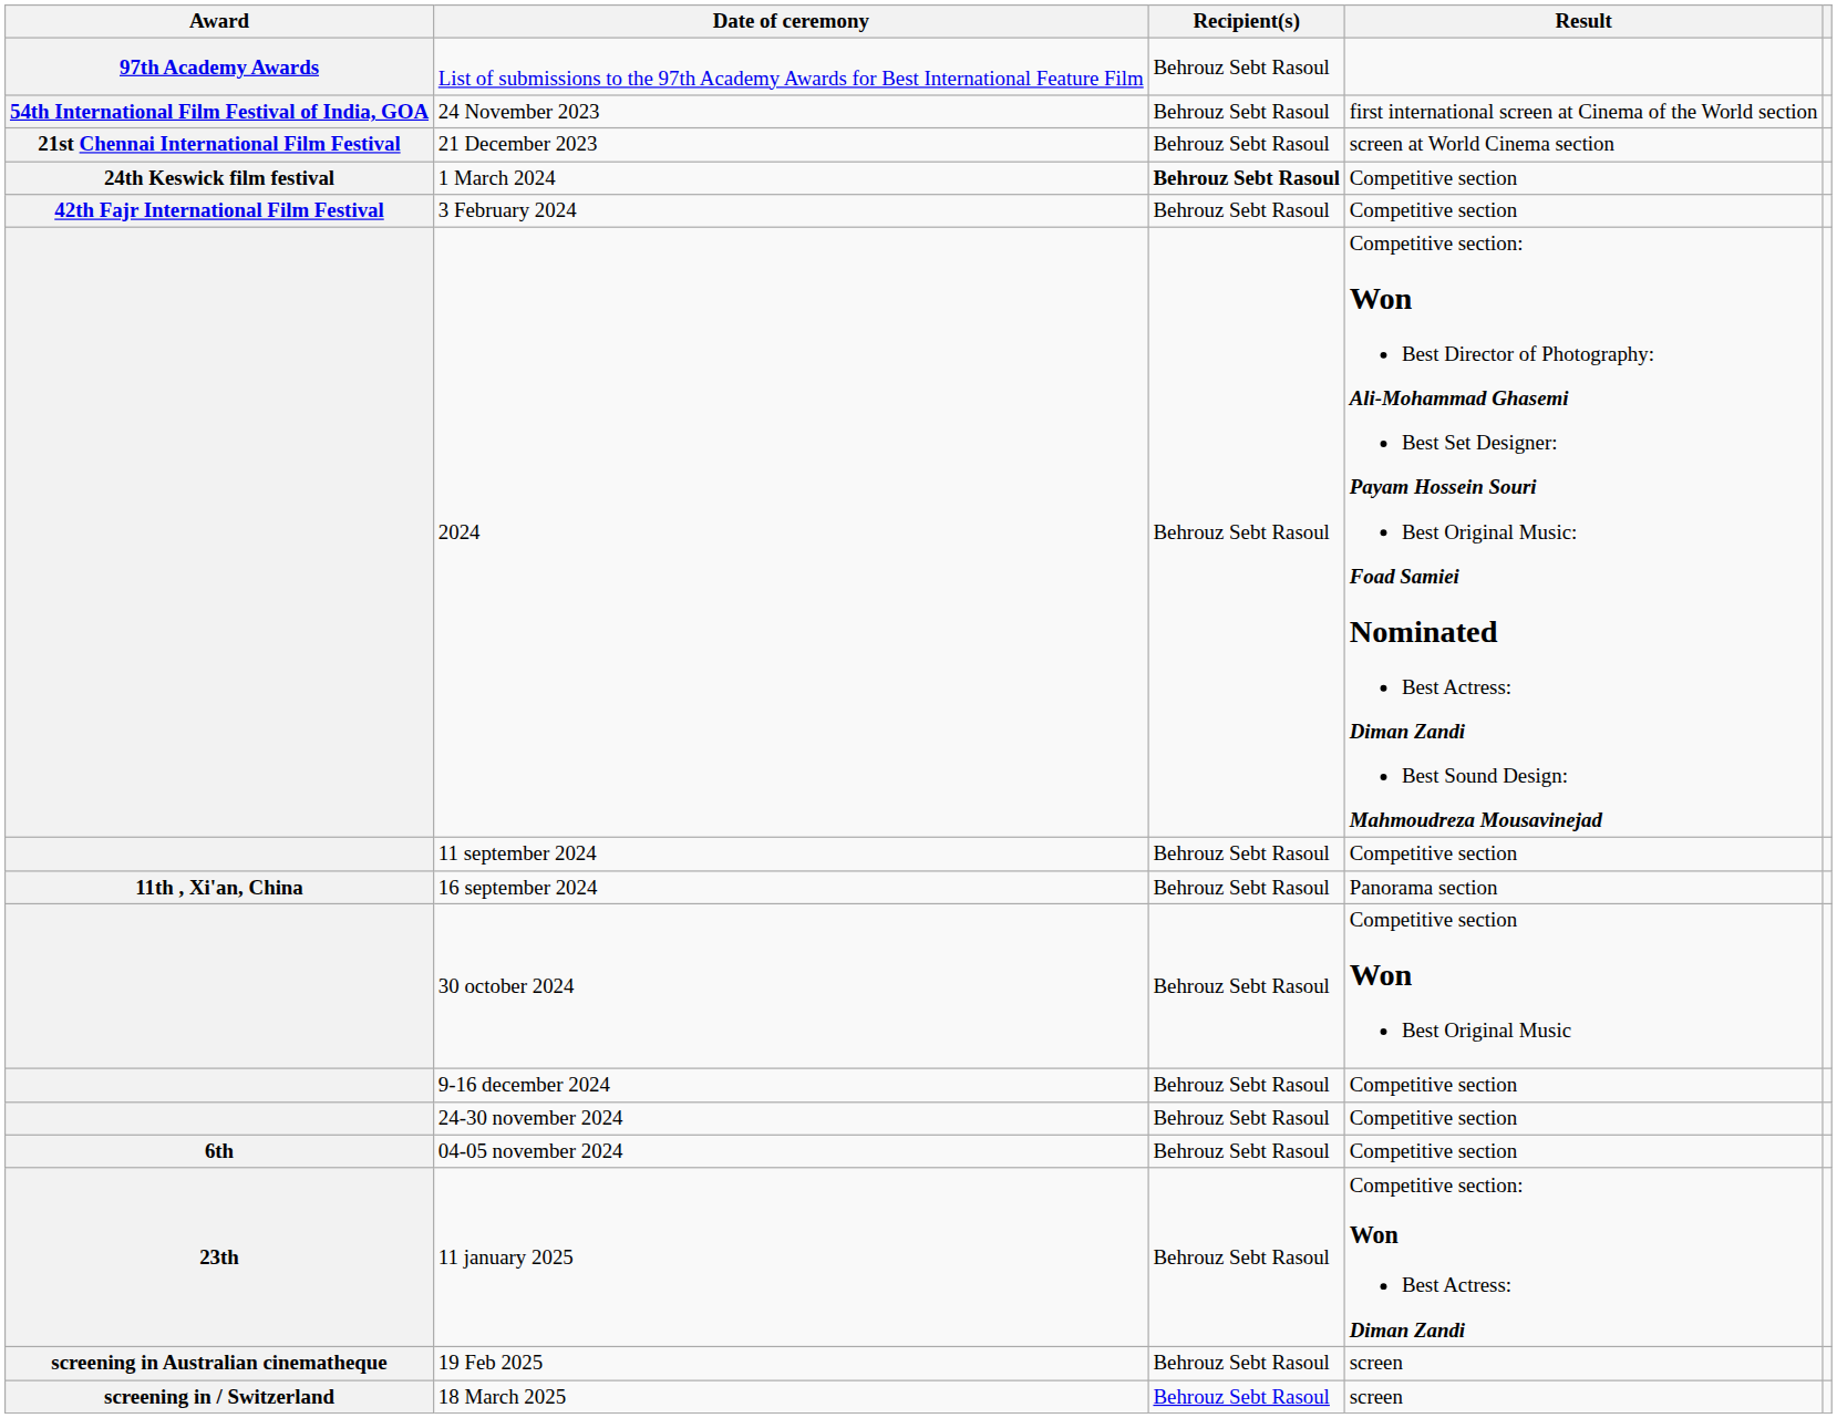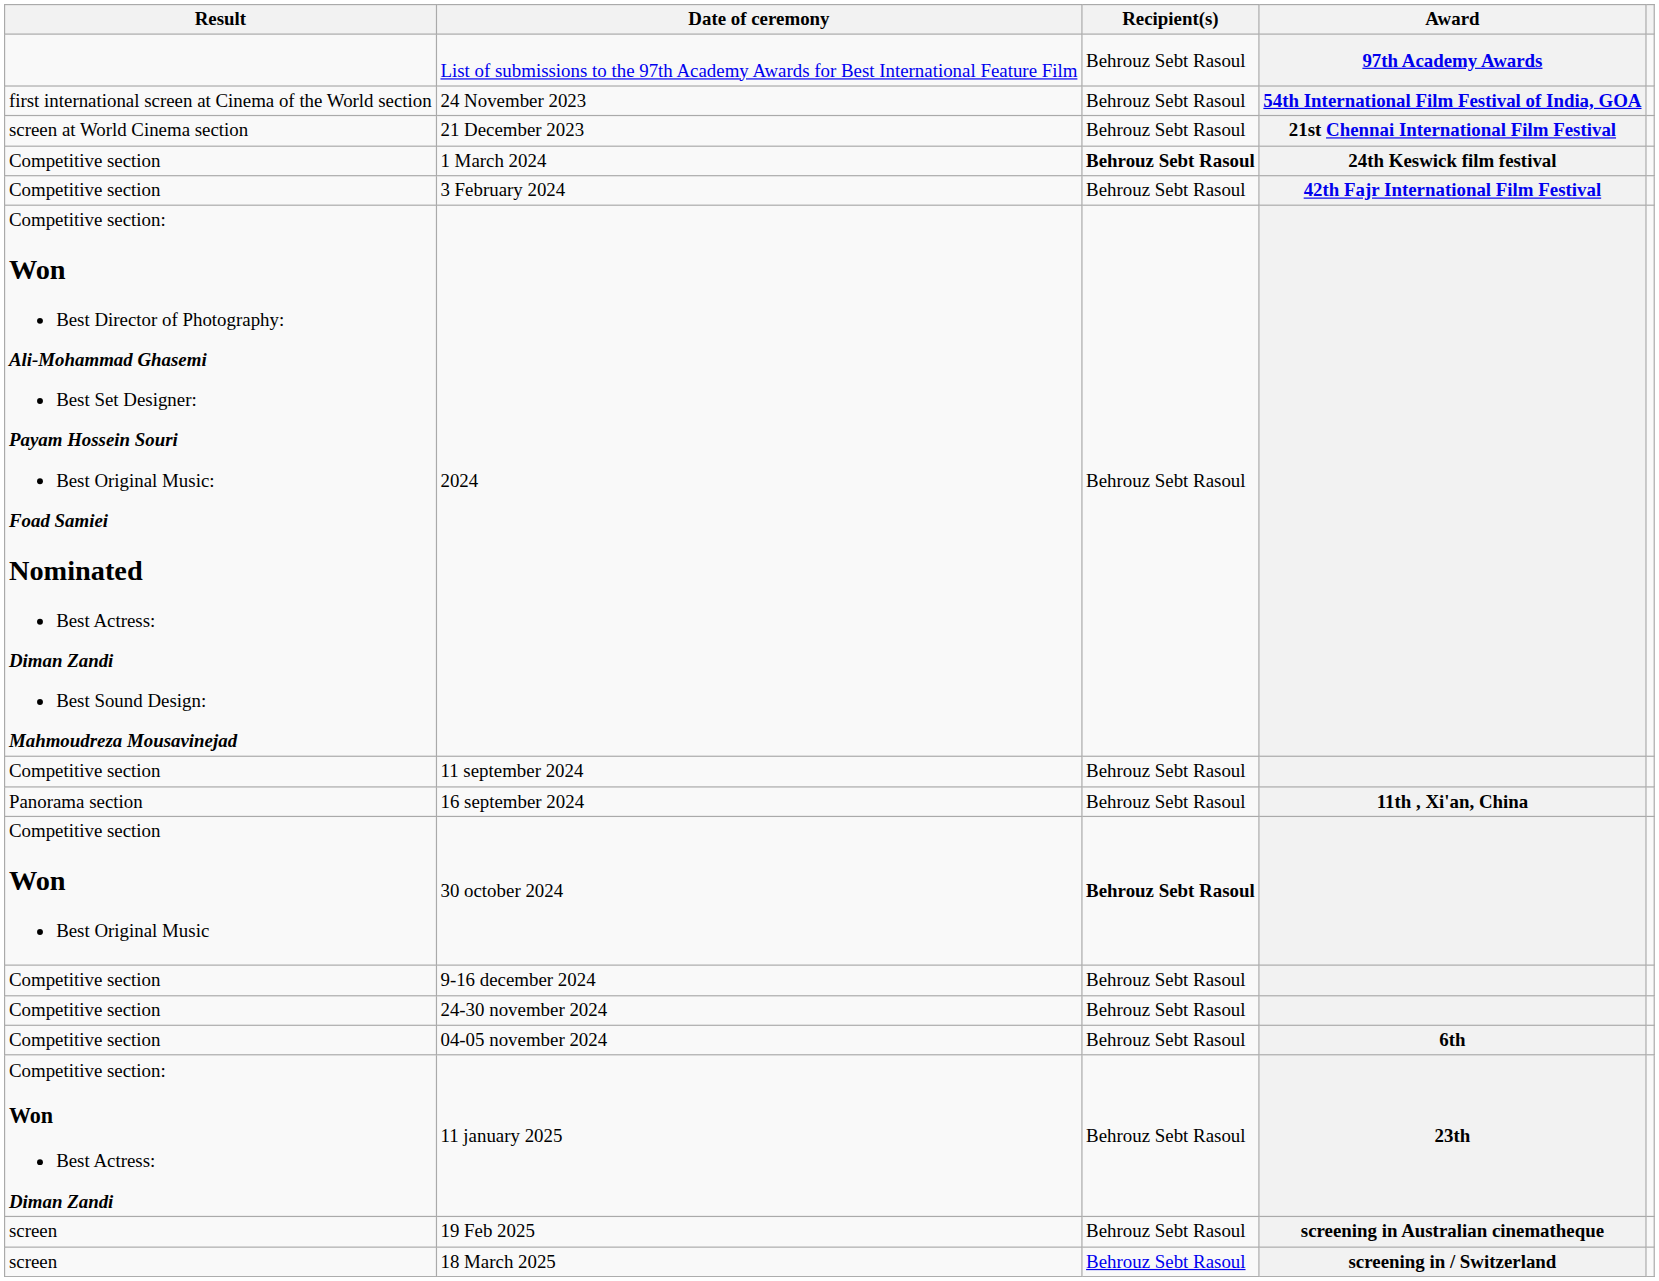 <table class="wikitable plainrowheaders sortable">
 <tr>
-<th scope="col">Award</th>
+<th scope="col">Result</th>
 <th scope="col">Date of ceremony</th>
 <th scope="col">Recipient(s)</th>
-<th scope="col">Result</th>
+<th scope="col">Award</th>
 <th scope="col" class="unsortable"></th>
 </tr>
 <tr>
-<th scope="row"><a href='#'>97th Academy Awards</a></th>
+<td></td>
 <td><br><a href='#'>List of submissions to the 97th Academy Awards for Best International Feature Film</a></td>
 <td>Behrouz Sebt Rasoul</td>
-<td></td>
+<th scope="row"><a href='#'>97th Academy Awards</a></th>
 <td></td>
 </tr>
 <tr>
-<th scope="row"><a href='#'>54th International Film Festival of India, GOA</a></th>
+<td>first international screen at Cinema of the World section</td>
 <td>24 November 2023</td>
 <td>Behrouz Sebt Rasoul</td>
-<td>first international screen at Cinema of the World section</td>
+<th scope="row"><a href='#'>54th International Film Festival of India, GOA</a></th>
 <td></td>
 </tr>
 <tr>
-<th scope="row">21st <a href='#'>Chennai International Film Festival</a></th>
+<td>screen at World Cinema section</td>
 <td>21 December 2023</td>
 <td>Behrouz Sebt Rasoul</td>
-<td>screen at World Cinema section</td>
+<th scope="row">21st <a href='#'>Chennai International Film Festival</a></th>
 <td></td>
 </tr>
 <tr>
-<th scope="row">24th Keswick film festival</th>
+<td>Competitive section</td>
 <td>1 March 2024</td>
 <td><strong>Behrouz Sebt Rasoul</strong></td>
-<td>Competitive section</td>
+<th scope="row">24th Keswick film festival</th>
 <td></td>
 </tr>
 <tr>
-<th scope="row"><a href='#'>42th Fajr International Film Festival</a></th>
+<td>Competitive section</td>
 <td>3  February 2024</td>
 <td>Behrouz Sebt Rasoul</td>
-<td>Competitive section</td>
+<th scope="row"><a href='#'>42th Fajr International Film Festival</a></th>
 <td></td>
 </tr>
 <tr>
-<th scope="row"></th>
+<td>Competitive section:<br><h2>Won</h2><ul><li>Best Director of Photography:</li></ul><strong><em>Ali-Mohammad Ghasemi</em></strong><ul><li>Best Set Designer:</li></ul><strong><em>Payam Hossein Souri</em></strong><ul><li>Best Original Music:</li></ul><strong><em>Foad Samiei</em></strong><h2>Nominated</h2><ul><li>Best Actress:</li></ul><strong><em>Diman Zandi</em></strong><ul><li>Best Sound Design:</li></ul><strong><em>Mahmoudreza Mousavinejad</em></strong></td>
 <td>2024</td>
 <td>Behrouz Sebt Rasoul</td>
-<td>Competitive section:<br><h2>Won</h2><ul><li>Best Director of Photography:</li></ul><strong><em>Ali-Mohammad Ghasemi</em></strong><ul><li>Best Set Designer:</li></ul><strong><em>Payam Hossein Souri</em></strong><ul><li>Best Original Music:</li></ul><strong><em>Foad Samiei</em></strong><h2>Nominated</h2><ul><li>Best Actress:</li></ul><strong><em>Diman Zandi</em></strong><ul><li>Best Sound Design:</li></ul><strong><em>Mahmoudreza Mousavinejad</em></strong></td>
+<th scope="row"></th>
 <td></td>
 </tr>
 <tr>
-<th scope="row"></th>
+<td>Competitive section</td>
 <td>11  september 2024</td>
 <td>Behrouz Sebt Rasoul</td>
-<td>Competitive section</td>
+<th scope="row"></th>
 <td></td>
 </tr>
 <tr>
-<th scope="row">11th , Xi'an, China</th>
+<td>Panorama section</td>
 <td>16  september 2024</td>
 <td>Behrouz Sebt Rasoul</td>
-<td>Panorama section</td>
+<th scope="row">11th , Xi'an, China</th>
 <td></td>
 </tr>
 <tr>
+<td>Competitive section<br><h2>Won</h2><ul><li>Best Original Music</li></ul></td>
+<td>30  october 2024</td>
+<td><strong>Behrouz Sebt Rasoul</strong></td>
 <th scope="row"></th>
-<td>30  october 2024</td>
-<td>Behrouz Sebt Rasoul</td>
-<td>Competitive section<br><h2>Won</h2><ul><li>Best Original Music</li></ul></td>
 <td></td>
 </tr>
 <tr>
-<th scope="row"></th>
+<td>Competitive section</td>
 <td>9-16 december 2024</td>
 <td>Behrouz Sebt Rasoul</td>
-<td>Competitive section</td>
+<th scope="row"></th>
 <td></td>
 </tr>
 <tr>
-<th scope="row"></th>
+<td>Competitive section</td>
 <td>24-30 november 2024</td>
 <td>Behrouz Sebt Rasoul</td>
-<td>Competitive section</td>
+<th scope="row"></th>
 <td></td>
 </tr>
 <tr>
-<th scope="row">6th </th>
+<td>Competitive section</td>
 <td>04-05 november 2024</td>
 <td>Behrouz Sebt Rasoul</td>
-<td>Competitive section</td>
+<th scope="row">6th </th>
 <td></td>
 </tr>
 <tr>
-<th scope="row">23th </th>
+<td>Competitive section:<br><h3>Won</h3><ul><li>Best Actress:</li></ul><strong><em>Diman Zandi</em></strong></td>
 <td>11 january 2025</td>
 <td>Behrouz Sebt Rasoul</td>
-<td>Competitive section:<br><h3>Won</h3><ul><li>Best Actress:</li></ul><strong><em>Diman Zandi</em></strong></td>
+<th scope="row">23th </th>
 <td></td>
 </tr>
 <tr>
-<th scope="row">screening in Australian cinematheque</th>
+<td>screen</td>
 <td>19 Feb 2025</td>
 <td>Behrouz Sebt Rasoul</td>
-<td>screen</td>
+<th scope="row">screening in Australian cinematheque</th>
 <td></td>
 </tr>
 <tr>
-<th scope="row">screening in / Switzerland</th>
+<td>screen</td>
 <td>18  March 2025</td>
 <td><a href='#'>Behrouz Sebt Rasoul</a></td>
-<td>screen</td>
+<th scope="row">screening in / Switzerland</th>
 <td></td>
 </tr>
 </table>
